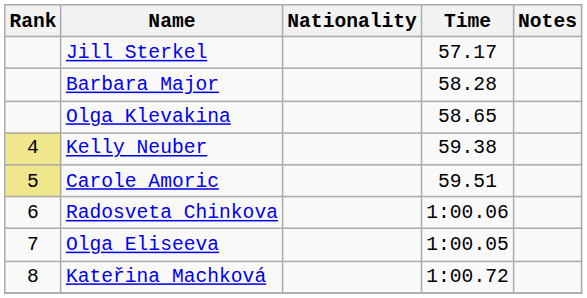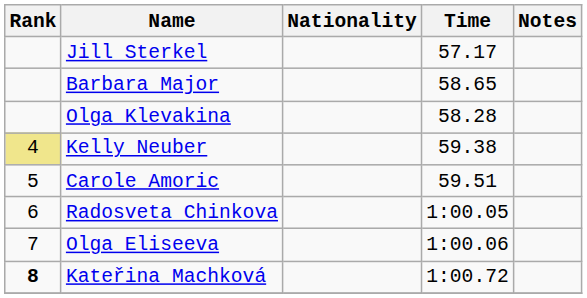 <table class="wikitable sortable" style="text-align:center">
 <tr>
 <th>Rank</th>
 <th>Name</th>
 <th>Nationality</th>
 <th>Time</th>
 <th>Notes</th>
 </tr>
 <tr>
 <td></td>
 <td align="left"><a href='#'>Jill Sterkel</a></td>
 <td align="left"></td>
 <td>57.17</td>
 <td></td>
 </tr>
 <tr>
 <td></td>
 <td align="left"><a href='#'>Barbara Major</a></td>
 <td align="left"></td>
-<td>58.28</td>
+<td>58.65</td>
 <td></td>
 </tr>
 <tr>
 <td></td>
 <td align="left"><a href='#'>Olga Klevakina</a></td>
 <td align="left"></td>
-<td>58.65</td>
+<td>58.28</td>
 <td></td>
 </tr>
 <tr>
 <td style="background: khaki;">4</td>
 <td align="left"><a href='#'>Kelly Neuber</a></td>
 <td align="left"></td>
 <td>59.38</td>
 <td></td>
 </tr>
 <tr>
-<td style="background: khaki;">5</td>
+<td>5</td>
 <td align="left"><a href='#'>Carole Amoric</a></td>
 <td align="left"></td>
 <td>59.51</td>
 <td></td>
 </tr>
 <tr>
 <td>6</td>
 <td align="left"><a href='#'>Radosveta Chinkova</a></td>
 <td align="left"></td>
-<td>1:00.06</td>
+<td>1:00.05</td>
 <td></td>
 </tr>
 <tr>
 <td>7</td>
 <td align="left"><a href='#'>Olga Eliseeva</a></td>
 <td align="left"></td>
-<td>1:00.05</td>
+<td>1:00.06</td>
 <td></td>
 </tr>
 <tr>
-<td>8</td>
+<td><strong>8</strong></td>
 <td align="left"><a href='#'>Kateřina Machková</a></td>
 <td align="left"></td>
 <td>1:00.72</td>
 <td></td>
 </tr>
 <tr>
 </tr>
 </table>
